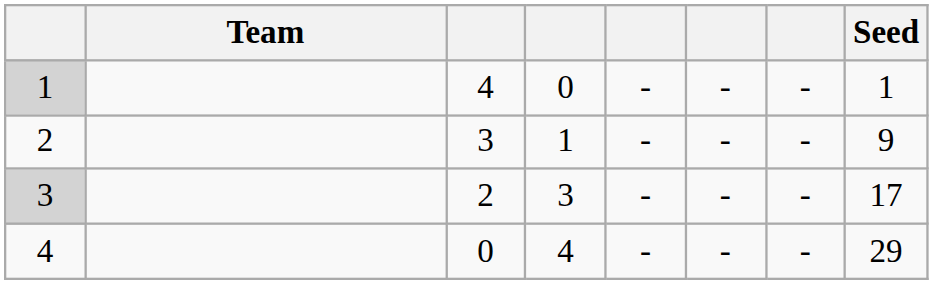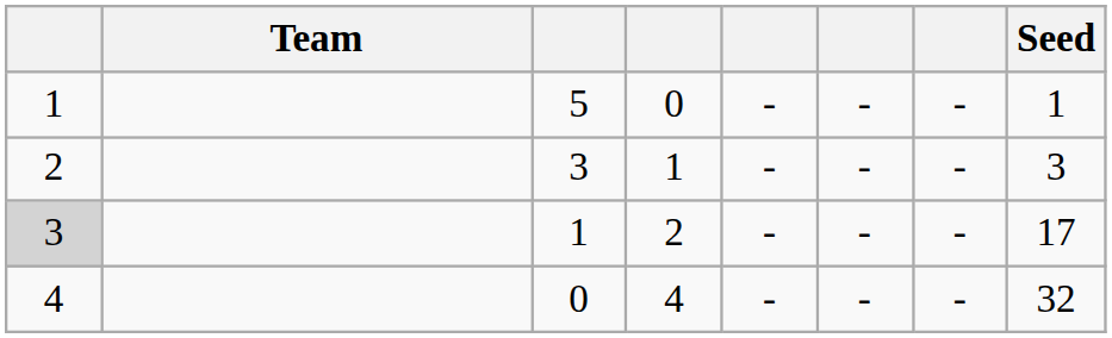 <table class="wikitable" style="text-align:center;font-size: 90%;">
 <tr>
 <th width="28px"></th>
 <th width="150px">Team</th>
 <th width="28px"></th>
 <th width="28px"></th>
 <th width="28px"></th>
 <th width="28px"></th>
 <th width="28px"></th>
 <th width="28px">Seed</th>
 </tr>
 <tr>
-<td style="background: lightgrey;">1</td>
+<td>1</td>
 <td style="text-align:left;"></td>
-<td>4</td>
+<td>5</td>
 <td>0</td>
 <td>-</td>
 <td>-</td>
 <td>-</td>
 <td>1</td>
 </tr>
 <tr>
 <td>2</td>
 <td style="text-align:left;"></td>
 <td>3</td>
 <td>1</td>
 <td>-</td>
 <td>-</td>
 <td>-</td>
-<td>9</td>
+<td>3</td>
 </tr>
 <tr>
 <td style="background: lightgrey;">3</td>
 <td style="text-align:left;"></td>
+<td>1</td>
 <td>2</td>
-<td>3</td>
 <td>-</td>
 <td>-</td>
 <td>-</td>
 <td>17</td>
 </tr>
 <tr>
 <td>4</td>
 <td style="text-align:left;"></td>
 <td>0</td>
 <td>4</td>
 <td>-</td>
 <td>-</td>
 <td>-</td>
-<td>29</td>
+<td>32</td>
 </tr>
 </table>
